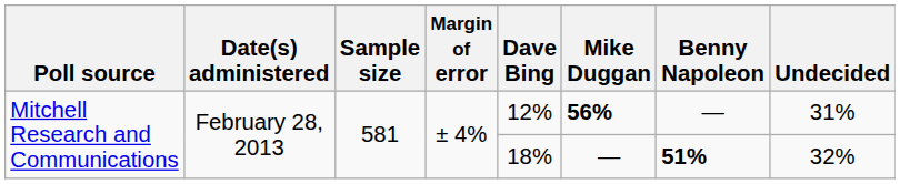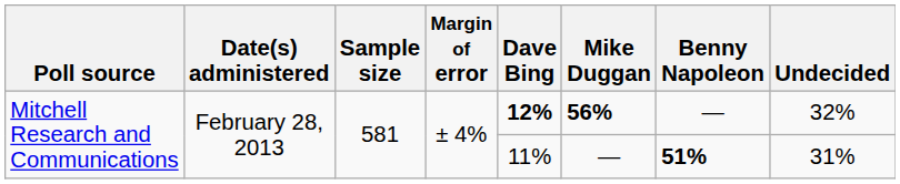 <table class="wikitable">
 <tr valign= bottom>
 <th style="width:250px;">Poll source</th>
 <th style="width:190px;">Date(s)<br>administered</th>
 <th class=small>Sample<br>size</th>
 <th><small>Margin of</small><br>error</th>
 <th style="width:100px;">Dave<br>Bing</th>
 <th style="width:100px;">Mike<br>Duggan</th>
 <th style="width:100px;">Benny<br>Napoleon</th>
 <th style="width:40px;">Undecided</th>
 </tr>
 <tr>
 <td rowspan=2><a href='#'>Mitchell Research and Communications</a></td>
 <td rowspan="2" style="text-align:center;">February 28, 2013</td>
 <td rowspan="2" style="text-align:center;">581</td>
 <td rowspan="2" style="text-align:center;">± 4%</td>
-<td align=center>12%</td>
+<td align=center><strong>12%</strong></td>
 <td><strong>56%</strong></td>
 <td align=center>—</td>
+<td align=center>32%</td>
+</tr>
+<tr>
+<td align=center>11%</td>
+<td align=center>—</td>
+<td><strong>51%</strong></td>
 <td align=center>31%</td>
 </tr>
-<tr>
-<td align=center>18%</td>
-<td align=center>—</td>
-<td><strong>51%</strong></td>
-<td align=center>32%</td>
-</tr>
 </table>
